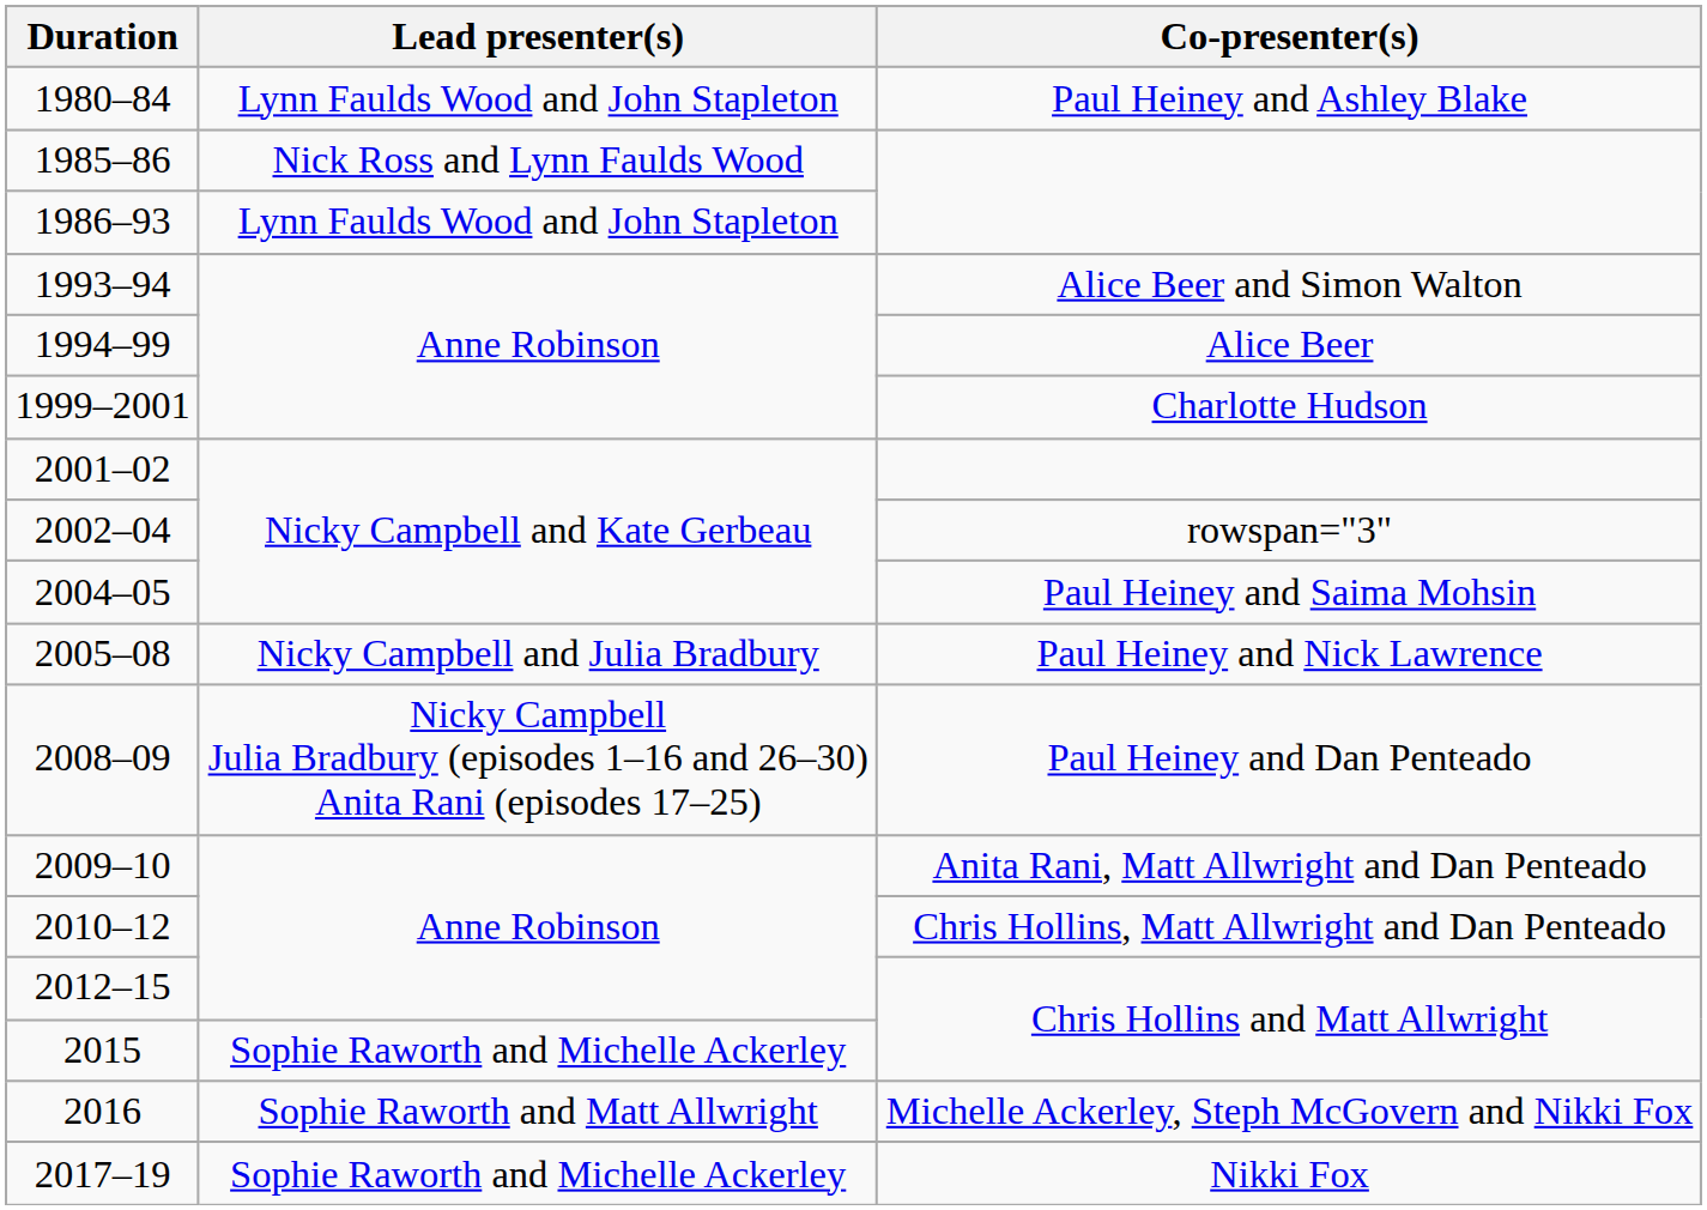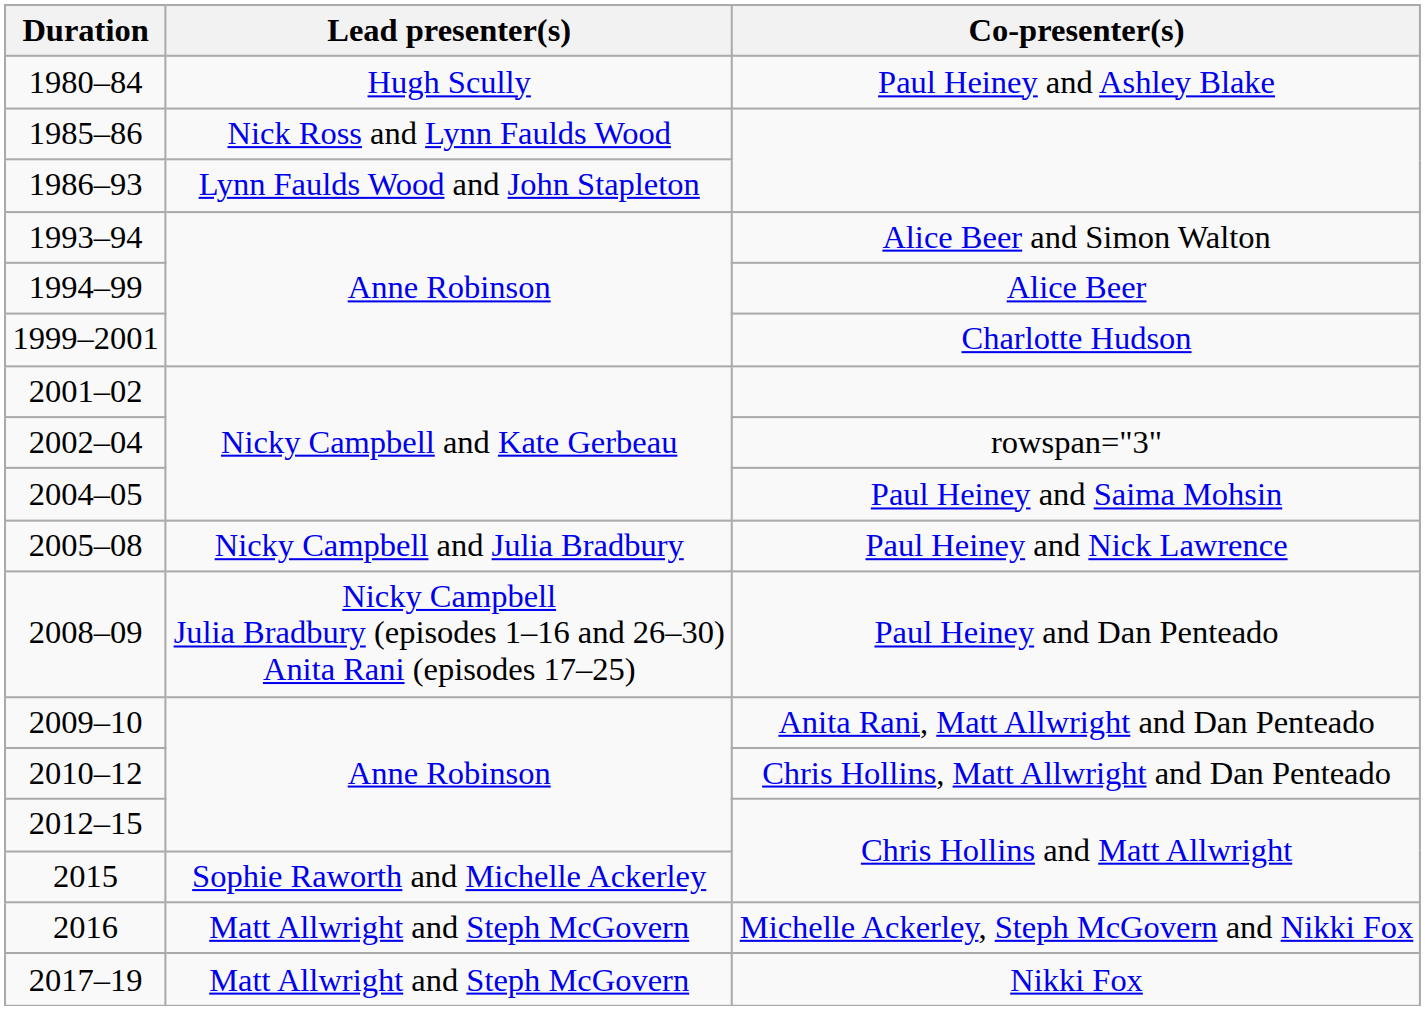 <table class="wikitable" style="text-align:center">
 <tr>
 <th>Duration</th>
 <th>Lead presenter(s)</th>
 <th>Co-presenter(s)</th>
 </tr>
 <tr>
 <td>1980–84</td>
-<td><a href='#'>Lynn Faulds Wood</a> and <a href='#'>John Stapleton</a></td>
+<td><a href='#'>Hugh Scully</a></td>
 <td><a href='#'>Paul Heiney</a> and <a href='#'>Ashley Blake</a></td>
 </tr>
 <tr>
 <td>1985–86</td>
 <td><a href='#'>Nick Ross</a> and <a href='#'>Lynn Faulds Wood</a></td>
 </tr>
 <tr>
 <td>1986–93</td>
 <td><a href='#'>Lynn Faulds Wood</a> and <a href='#'>John Stapleton</a></td>
 </tr>
 <tr>
 <td>1993–94</td>
 <td rowspan="3"><a href='#'>Anne Robinson</a></td>
 <td><a href='#'>Alice Beer</a> and Simon Walton</td>
 </tr>
 <tr>
 <td>1994–99</td>
 <td><a href='#'>Alice Beer</a></td>
 </tr>
 <tr>
 <td>1999–2001</td>
 <td><a href='#'>Charlotte Hudson</a></td>
 </tr>
 <tr>
 <td>2001–02</td>
 <td rowspan="3"><a href='#'>Nicky Campbell</a> and <a href='#'>Kate Gerbeau</a></td>
 <td></td>
 </tr>
 <tr>
 <td>2002–04</td>
 <td>rowspan="3" </td>
 </tr>
 <tr>
 <td>2004–05</td>
 <td><a href='#'>Paul Heiney</a> and <a href='#'>Saima Mohsin</a></td>
 </tr>
 <tr>
 <td>2005–08</td>
 <td><a href='#'>Nicky Campbell</a> and <a href='#'>Julia Bradbury</a></td>
 <td><a href='#'>Paul Heiney</a> and <a href='#'>Nick Lawrence</a></td>
 </tr>
 <tr>
 <td>2008–09</td>
 <td><a href='#'>Nicky Campbell</a> <br> <a href='#'>Julia Bradbury</a> (episodes 1–16 and 26–30) <br> <a href='#'>Anita Rani</a> (episodes 17–25)</td>
 <td><a href='#'>Paul Heiney</a> and Dan Penteado</td>
 </tr>
 <tr>
 <td>2009–10</td>
 <td rowspan=3><a href='#'>Anne Robinson</a></td>
 <td><a href='#'>Anita Rani</a>, <a href='#'>Matt Allwright</a> and Dan Penteado</td>
 </tr>
 <tr>
 <td>2010–12</td>
 <td><a href='#'>Chris Hollins</a>, <a href='#'>Matt Allwright</a> and Dan Penteado</td>
 </tr>
 <tr>
 <td>2012–15</td>
 <td rowspan=2><a href='#'>Chris Hollins</a> and <a href='#'>Matt Allwright</a></td>
 </tr>
 <tr>
 <td>2015</td>
 <td><a href='#'>Sophie Raworth</a> and <a href='#'>Michelle Ackerley</a></td>
 </tr>
 <tr>
 <td>2016</td>
-<td><a href='#'>Sophie Raworth</a> and <a href='#'>Matt Allwright</a></td>
+<td><a href='#'>Matt Allwright</a> and <a href='#'>Steph McGovern</a></td>
 <td><a href='#'>Michelle Ackerley</a>, <a href='#'>Steph McGovern</a> and <a href='#'>Nikki Fox</a></td>
 </tr>
 <tr>
 <td>2017–19</td>
-<td><a href='#'>Sophie Raworth</a> and <a href='#'>Michelle Ackerley</a></td>
+<td><a href='#'>Matt Allwright</a> and <a href='#'>Steph McGovern</a></td>
 <td><a href='#'>Nikki Fox</a></td>
 </tr>
 </table>
